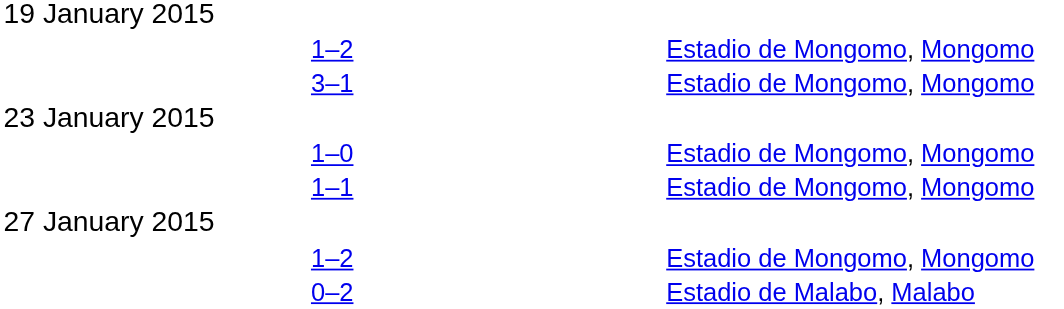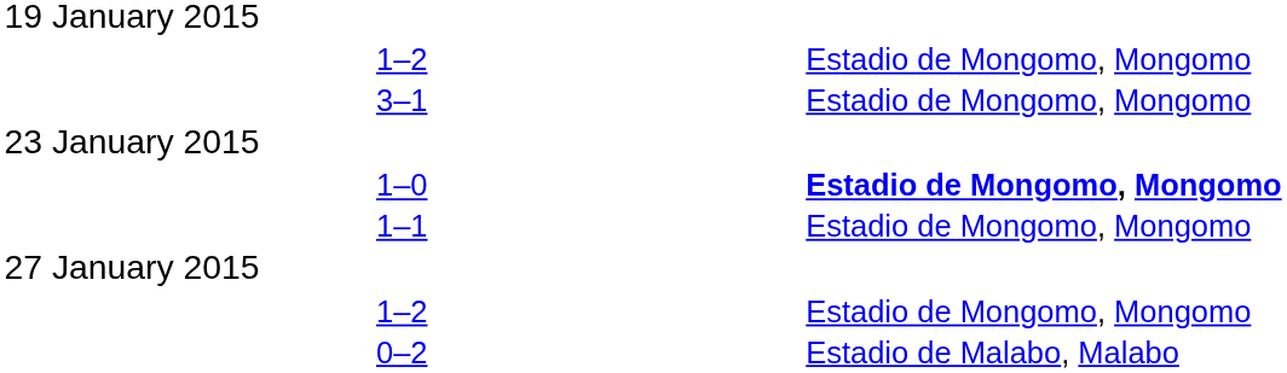 <table style="width:100%" cellspacing="1">
 <tr>
 <th width=25%></th>
 <th width=10%></th>
 <th width=25%></th>
 </tr>
 <tr>
 <td>19 January 2015</td>
 </tr>
 <tr style=font-size:90%>
 <td align=right></td>
 <td align=center><a href='#'>1–2</a></td>
 <td></td>
 <td><a href='#'>Estadio de Mongomo</a>, <a href='#'>Mongomo</a></td>
 </tr>
 <tr style=font-size:90%>
 <td align=right></td>
 <td align=center><a href='#'>3–1</a></td>
 <td></td>
 <td><a href='#'>Estadio de Mongomo</a>, <a href='#'>Mongomo</a></td>
 </tr>
 <tr>
 <td>23 January 2015</td>
 </tr>
 <tr style=font-size:90%>
 <td align=right></td>
 <td align=center><a href='#'>1–0</a></td>
 <td></td>
-<td><a href='#'>Estadio de Mongomo</a>, <a href='#'>Mongomo</a></td>
+<td><strong><a href='#'>Estadio de Mongomo</a>, <a href='#'>Mongomo</a></strong></td>
 </tr>
 <tr style=font-size:90%>
 <td align=right></td>
 <td align=center><a href='#'>1–1</a></td>
 <td></td>
 <td><a href='#'>Estadio de Mongomo</a>, <a href='#'>Mongomo</a></td>
 </tr>
 <tr>
 <td>27 January 2015</td>
 </tr>
 <tr style=font-size:90%>
 <td align=right></td>
 <td align=center><a href='#'>1–2</a></td>
 <td></td>
 <td><a href='#'>Estadio de Mongomo</a>, <a href='#'>Mongomo</a></td>
 </tr>
 <tr style=font-size:90%>
 <td align=right></td>
 <td align=center><a href='#'>0–2</a></td>
 <td></td>
 <td><a href='#'>Estadio de Malabo</a>, <a href='#'>Malabo</a></td>
 </tr>
 </table>
